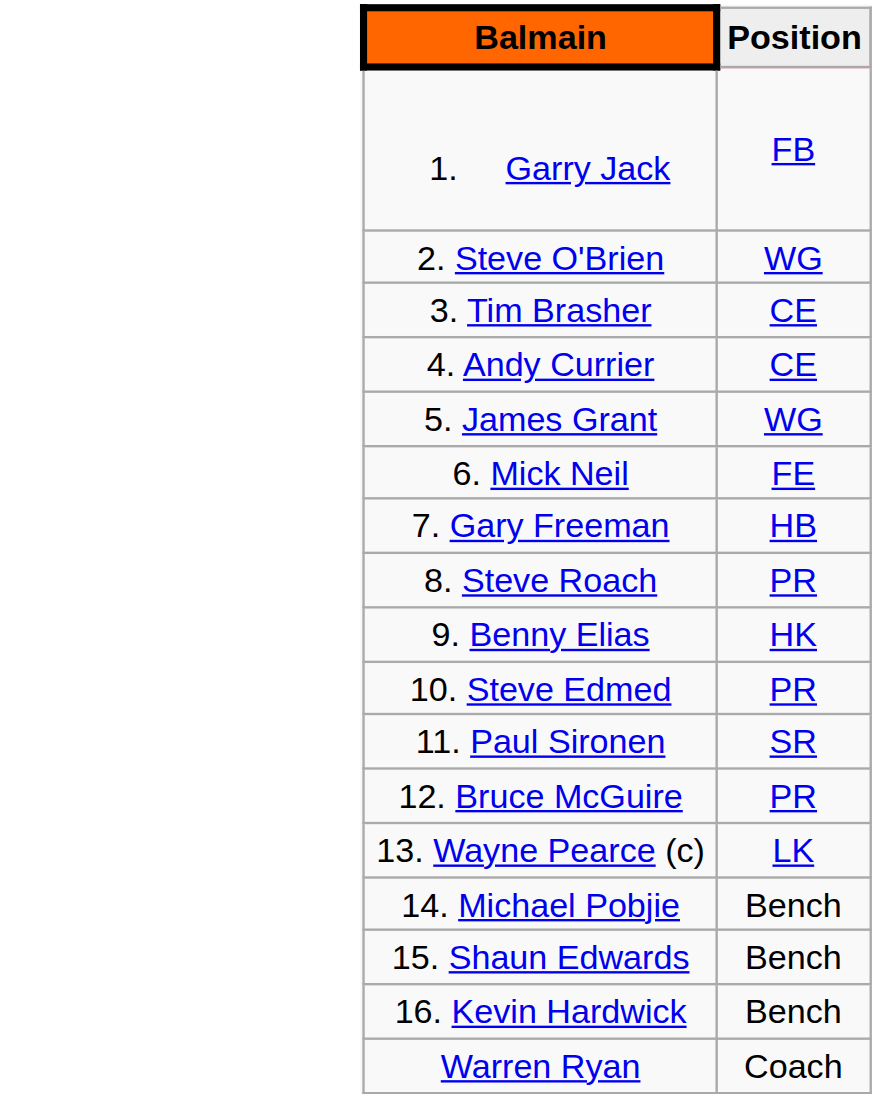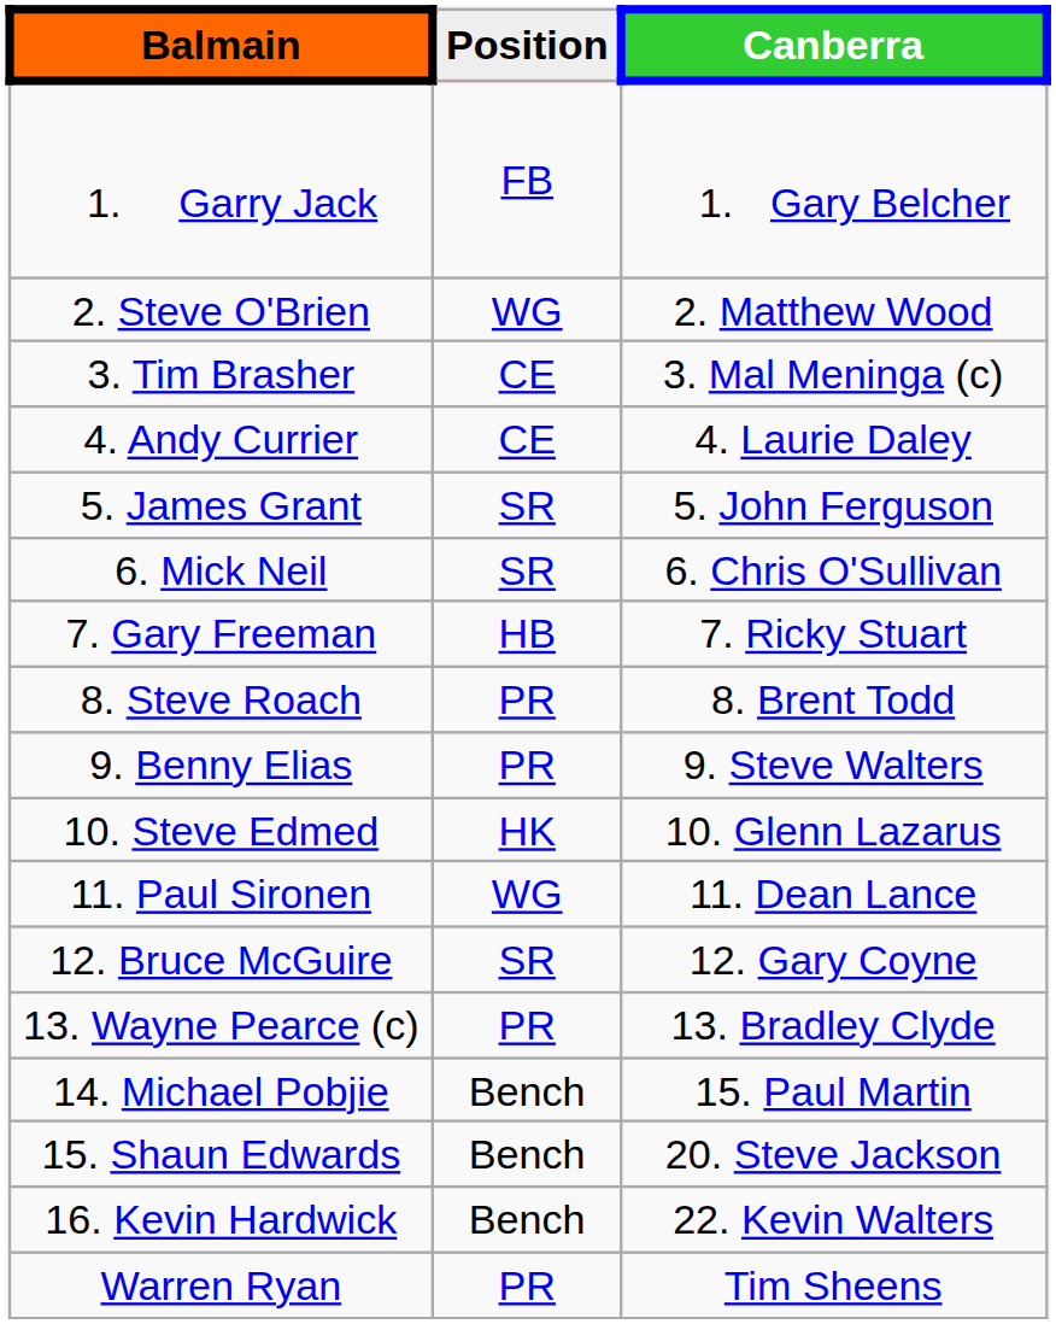 <table class="wikitable" style="float:right; font-size:90%; margin-left:1em;">
 <tr style="background:#f03;">
 <th style="width:140px; border:3px solid black; background: #f60; color: black">Balmain</th>
 <th style="width:40px; text-align:center; background:#eee; color:black;">Position</th>
+<th style="width:140px; border:3px solid blue; background: #32CD32; color: white">Canberra</th>
 </tr>
 <tr align=center>
 <td><br><ol><li><a href='#'>Garry Jack</a></li></ol></td>
 <td><a href='#'>FB</a></td>
+<td><br><ol><li><a href='#'>Gary Belcher</a></li></ol></td>
 </tr>
 <tr align=center>
 <td>2. <a href='#'>Steve O'Brien</a></td>
 <td><a href='#'>WG</a></td>
+<td>2. <a href='#'>Matthew Wood</a></td>
 </tr>
 <tr align=center>
 <td>3. <a href='#'>Tim Brasher</a></td>
 <td><a href='#'>CE</a></td>
+<td>3. <a href='#'>Mal Meninga</a> (c)</td>
 </tr>
 <tr align=center>
 <td>4. <a href='#'>Andy Currier</a></td>
 <td><a href='#'>CE</a></td>
+<td>4. <a href='#'>Laurie Daley</a></td>
 </tr>
 <tr align=center>
 <td>5. <a href='#'>James Grant</a></td>
-<td><a href='#'>WG</a></td>
+<td><a href='#'>SR</a></td>
+<td>5. <a href='#'>John Ferguson</a></td>
 </tr>
 <tr align=center>
 <td>6. <a href='#'>Mick Neil</a></td>
-<td><a href='#'>FE</a></td>
+<td><a href='#'>SR</a></td>
+<td>6. <a href='#'>Chris O'Sullivan</a></td>
 </tr>
 <tr align=center>
 <td>7. <a href='#'>Gary Freeman</a></td>
 <td><a href='#'>HB</a></td>
+<td>7. <a href='#'>Ricky Stuart</a></td>
 </tr>
 <tr align=center>
 <td>8. <a href='#'>Steve Roach</a></td>
 <td><a href='#'>PR</a></td>
+<td>8. <a href='#'>Brent Todd</a></td>
 </tr>
 <tr align=center>
 <td>9. <a href='#'>Benny Elias</a></td>
-<td><a href='#'>HK</a></td>
+<td><a href='#'>PR</a></td>
+<td>9. <a href='#'>Steve Walters</a></td>
 </tr>
 <tr align=center>
 <td>10. <a href='#'>Steve Edmed</a></td>
-<td><a href='#'>PR</a></td>
+<td><a href='#'>HK</a></td>
+<td>10. <a href='#'>Glenn Lazarus</a></td>
 </tr>
 <tr align=center>
 <td>11. <a href='#'>Paul Sironen</a></td>
-<td><a href='#'>SR</a></td>
+<td><a href='#'>WG</a></td>
+<td>11. <a href='#'>Dean Lance</a></td>
 </tr>
 <tr align=center>
 <td>12. <a href='#'>Bruce McGuire</a></td>
-<td><a href='#'>PR</a></td>
+<td><a href='#'>SR</a></td>
+<td>12. <a href='#'>Gary Coyne</a></td>
 </tr>
 <tr align=center>
 <td>13. <a href='#'>Wayne Pearce</a> (c)</td>
-<td><a href='#'>LK</a></td>
+<td><a href='#'>PR</a></td>
+<td>13. <a href='#'>Bradley Clyde</a></td>
 </tr>
 <tr align=center>
 <td>14. <a href='#'>Michael Pobjie</a></td>
 <td>Bench</td>
+<td>15. <a href='#'>Paul Martin</a></td>
 </tr>
 <tr align=center>
 <td>15. <a href='#'>Shaun Edwards</a></td>
 <td>Bench</td>
+<td>20. <a href='#'>Steve Jackson</a></td>
 </tr>
 <tr align=center>
 <td>16. <a href='#'>Kevin Hardwick</a></td>
 <td>Bench</td>
+<td>22. <a href='#'>Kevin Walters</a></td>
 </tr>
 <tr align=center>
 <td><a href='#'>Warren Ryan</a></td>
-<td>Coach</td>
+<td><a href='#'>PR</a></td>
+<td><a href='#'>Tim Sheens</a></td>
 </tr>
 </table>
